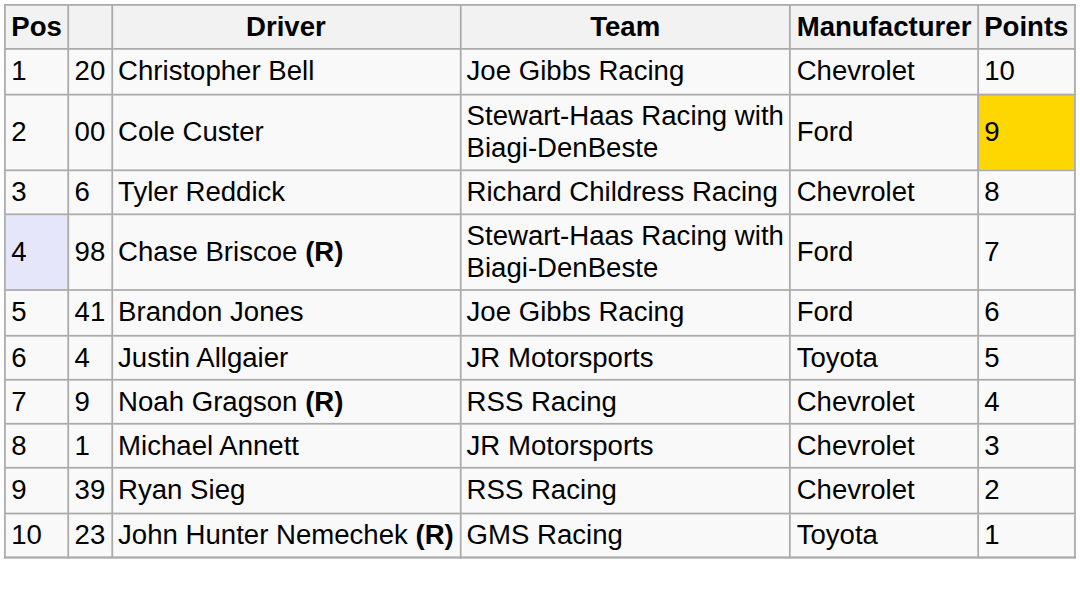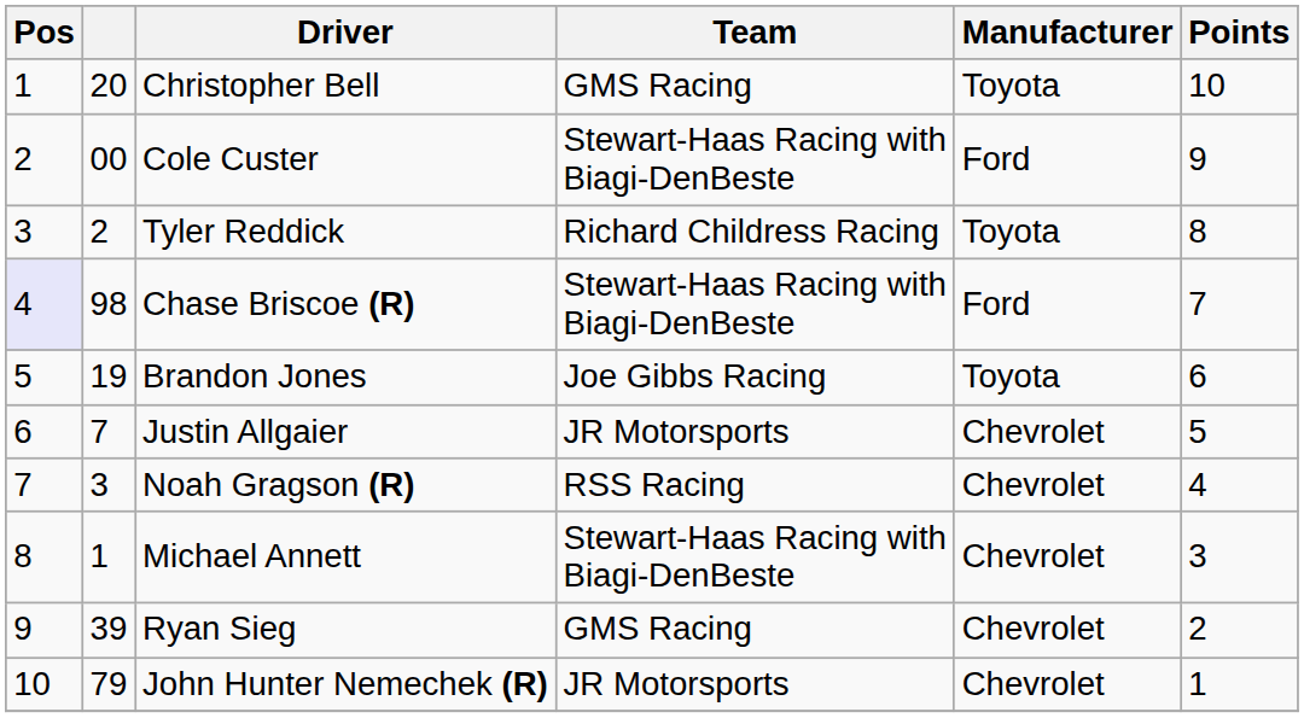 <table class="wikitable" style="font-size:98%">
 <tr>
 <th>Pos</th>
 <th></th>
 <th>Driver</th>
 <th>Team</th>
 <th>Manufacturer</th>
 <th>Points</th>
 </tr>
 <tr>
 <td>1</td>
 <td>20</td>
 <td>Christopher Bell</td>
-<td>Joe Gibbs Racing</td>
-<td>Chevrolet</td>
+<td>GMS Racing</td>
+<td>Toyota</td>
 <td>10</td>
 </tr>
 <tr>
 <td>2</td>
 <td>00</td>
 <td>Cole Custer</td>
 <td>Stewart-Haas Racing with<br>Biagi-DenBeste</td>
 <td>Ford</td>
-<td style="background: gold;">9</td>
+<td>9</td>
 </tr>
 <tr>
 <td>3</td>
-<td>6</td>
+<td>2</td>
 <td>Tyler Reddick</td>
 <td>Richard Childress Racing</td>
-<td>Chevrolet</td>
+<td>Toyota</td>
 <td>8</td>
 </tr>
 <tr>
 <td style="background: lavender;">4</td>
 <td>98</td>
 <td>Chase Briscoe <strong>(R)</strong></td>
 <td>Stewart-Haas Racing with<br>Biagi-DenBeste</td>
 <td>Ford</td>
 <td>7</td>
 </tr>
 <tr>
 <td>5</td>
-<td>41</td>
+<td>19</td>
 <td>Brandon Jones</td>
 <td>Joe Gibbs Racing</td>
-<td>Ford</td>
+<td>Toyota</td>
 <td>6</td>
 </tr>
 <tr>
 <td>6</td>
-<td>4</td>
+<td>7</td>
 <td>Justin Allgaier</td>
 <td>JR Motorsports</td>
-<td>Toyota</td>
+<td>Chevrolet</td>
 <td>5</td>
 </tr>
 <tr>
 <td>7</td>
-<td>9</td>
+<td>3</td>
 <td>Noah Gragson <strong>(R)</strong></td>
 <td>RSS Racing</td>
 <td>Chevrolet</td>
 <td>4</td>
 </tr>
 <tr>
 <td>8</td>
 <td>1</td>
 <td>Michael Annett</td>
-<td>JR Motorsports</td>
+<td>Stewart-Haas Racing with<br>Biagi-DenBeste</td>
 <td>Chevrolet</td>
 <td>3</td>
 </tr>
 <tr>
 <td>9</td>
 <td>39</td>
 <td>Ryan Sieg</td>
-<td>RSS Racing</td>
+<td>GMS Racing</td>
 <td>Chevrolet</td>
 <td>2</td>
 </tr>
 <tr>
 <td>10</td>
-<td>23</td>
+<td>79</td>
 <td>John Hunter Nemechek <strong>(R)</strong></td>
-<td>GMS Racing</td>
-<td>Toyota</td>
+<td>JR Motorsports</td>
+<td>Chevrolet</td>
 <td>1</td>
 </tr>
 <tr>
 </tr>
 </table>
